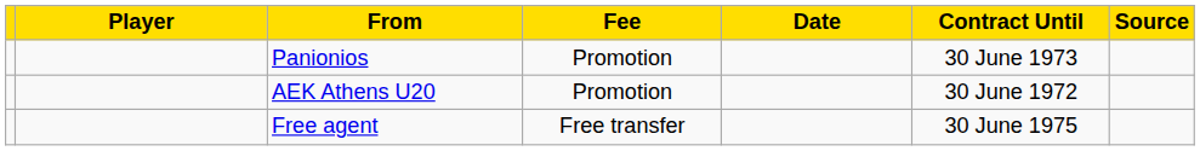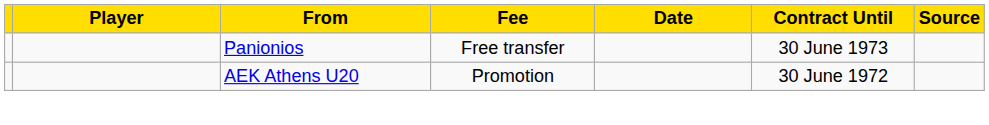 <table class="wikitable sortable">
 <tr>
 <th style="background:#FFDE00"></th>
 <th width=200 style="background:#FFDE00">Player</th>
 <th width=200 style="background:#FFDE00">From</th>
 <th width=150 style="background:#FFDE00">Fee</th>
 <th width=150 style="background:#FFDE00">Date</th>
 <th width=150 style="background:#FFDE00">Contract Until</th>
 <th style="background:#FFDE00">Source</th>
 </tr>
 <tr>
 <td align=center></td>
 <td></td>
 <td> <a href='#'>Panionios</a></td>
-<td align=center>Promotion</td>
+<td align=center>Free transfer</td>
 <td align=center></td>
 <td align=center>30 June 1973</td>
 <td align=center></td>
 </tr>
 <tr>
 <td align=center></td>
 <td></td>
 <td> <a href='#'>AEK Athens U20</a></td>
 <td align=center>Promotion</td>
 <td align=center></td>
 <td align=center>30 June 1972</td>
 <td align=center></td>
 </tr>
-<tr>
-<td align=center></td>
-<td></td>
-<td><a href='#'>Free agent</a></td>
-<td align=center>Free transfer</td>
-<td align=center></td>
-<td align=center>30 June 1975</td>
-<td align=center></td>
-</tr>
 </table>
